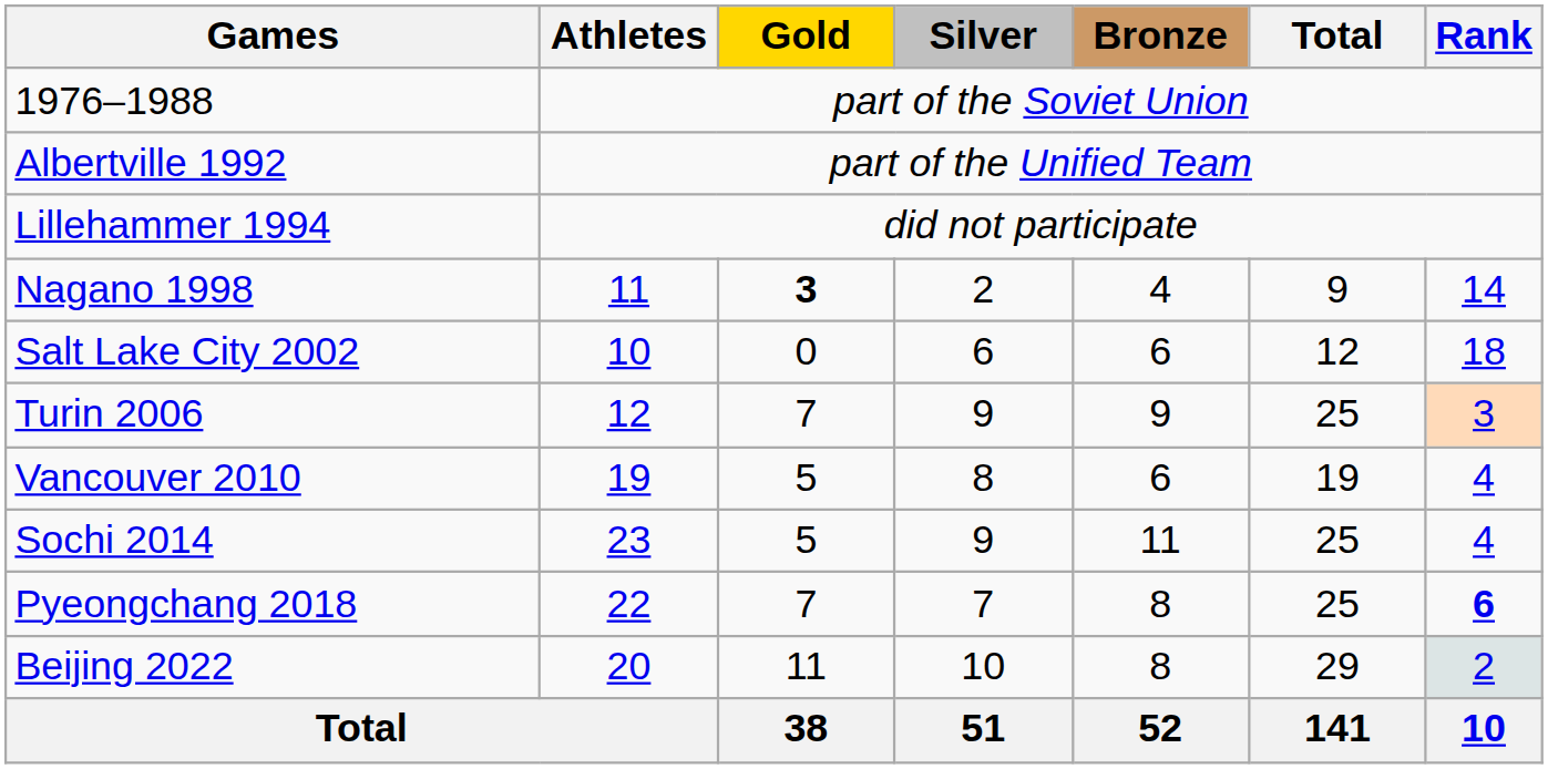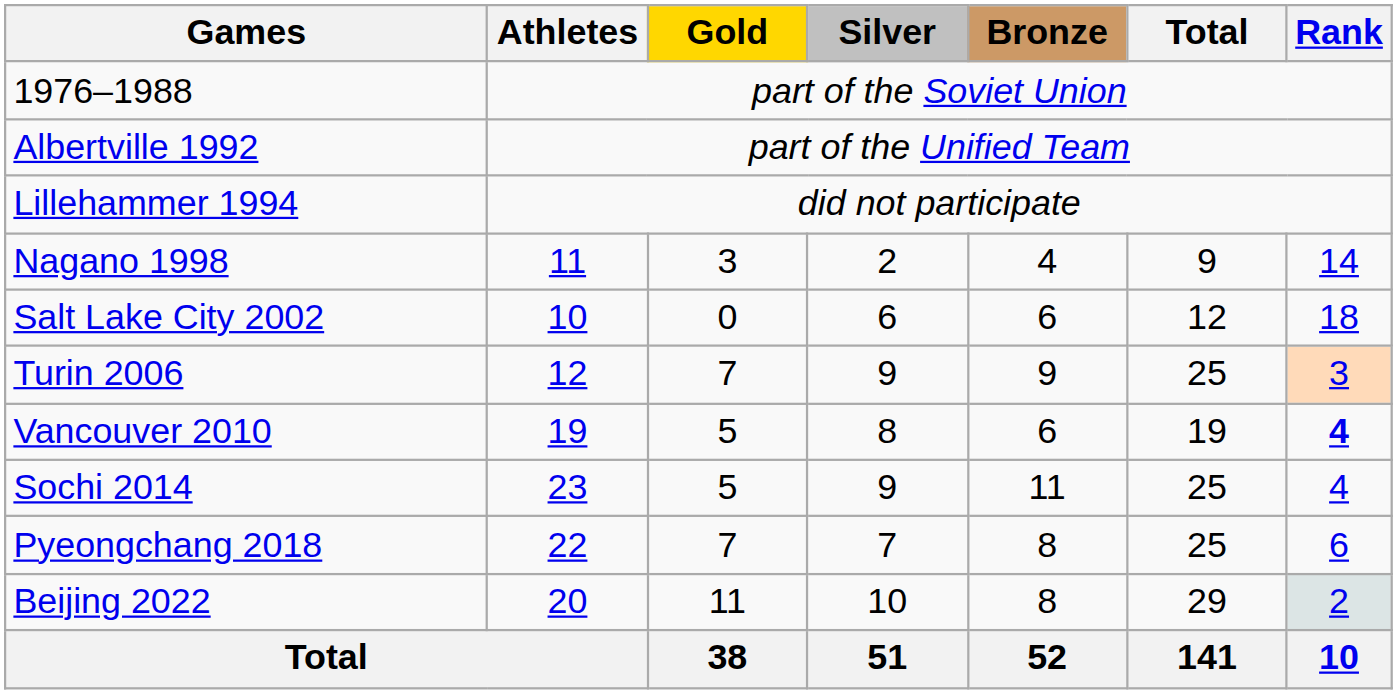 <table class="wikitable" style="text-align:center; font-size:100%;">
 <tr>
 <th style="width:13em;">Games</th>
 <th style="width:4em;">Athletes</th>
 <th style="width:4em; background:gold;">Gold</th>
 <th style="width:4em; background:silver;">Silver</th>
 <th style="width:4em; background:#cc9966;">Bronze</th>
 <th style="width:4em;">Total</th>
 <th style="width:2em;"><a href='#'>Rank</a></th>
 </tr>
 <tr>
 <td align=left>1976–1988</td>
 <td colspan=6><em>part of the <a href='#'>Soviet Union</a></em></td>
 </tr>
 <tr>
 <td align=left> <a href='#'>Albertville 1992</a></td>
 <td colspan=6><em>part of the <a href='#'>Unified Team</a></em></td>
 </tr>
 <tr>
 <td align=left> <a href='#'>Lillehammer 1994</a></td>
 <td colspan=6><em>did not participate</em></td>
 </tr>
 <tr>
 <td align=left> <a href='#'>Nagano 1998</a></td>
 <td><a href='#'>11</a></td>
-<td><strong>3</strong></td>
+<td>3</td>
 <td>2</td>
 <td>4</td>
 <td>9</td>
 <td><a href='#'>14</a></td>
 </tr>
 <tr>
 <td align=left> <a href='#'>Salt Lake City 2002</a></td>
 <td><a href='#'>10</a></td>
 <td>0</td>
 <td>6</td>
 <td>6</td>
 <td>12</td>
 <td><a href='#'>18</a></td>
 </tr>
 <tr>
 <td align=left> <a href='#'>Turin 2006</a></td>
 <td><a href='#'>12</a></td>
 <td>7</td>
 <td>9</td>
 <td>9</td>
 <td>25</td>
 <td bgcolor=ffdab9><a href='#'>3</a></td>
 </tr>
 <tr>
 <td align=left> <a href='#'>Vancouver 2010</a></td>
 <td><a href='#'>19</a></td>
 <td>5</td>
 <td>8</td>
 <td>6</td>
 <td>19</td>
-<td><a href='#'>4</a></td>
+<td><strong><a href='#'>4</a></strong></td>
 </tr>
 <tr>
 <td align=left> <a href='#'>Sochi 2014</a></td>
 <td><a href='#'>23</a></td>
 <td>5</td>
 <td>9</td>
 <td>11</td>
 <td>25</td>
 <td><a href='#'>4</a></td>
 </tr>
 <tr>
 <td align=left> <a href='#'>Pyeongchang 2018</a></td>
 <td><a href='#'>22</a></td>
 <td>7</td>
 <td>7</td>
 <td>8</td>
 <td>25</td>
-<td><strong><a href='#'>6</a></strong></td>
+<td><a href='#'>6</a></td>
 </tr>
 <tr>
 <td align=left> <a href='#'>Beijing 2022</a></td>
 <td><a href='#'>20</a></td>
 <td>11</td>
 <td>10</td>
 <td>8</td>
 <td>29</td>
 <td bgcolor=dce5e5><a href='#'>2</a></td>
 </tr>
 <tr>
 <th colspan=2>Total</th>
 <th>38</th>
 <th>51</th>
 <th>52</th>
 <th>141</th>
 <th><a href='#'>10</a></th>
 </tr>
 </table>
